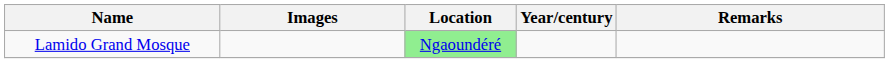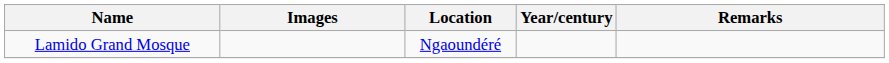 <table class=wikitable style="text-align:center">
 <tr>
 <th align=left width=200px>Name</th>
 <th align=center width=170px class=unsortable>Images</th>
 <th align=left width=100px>Location</th>
 <th align=left width=050px>Year/century</th>
 <th align=left width=250px class=unsortable>Remarks</th>
 </tr>
 <tr>
 <td><a href='#'>Lamido Grand Mosque</a></td>
 <td></td>
-<td style="background: lightgreen;"><a href='#'>Ngaoundéré</a></td>
+<td><a href='#'>Ngaoundéré</a></td>
 <td></td>
 <td></td>
 </tr>
 <tr>
 </tr>
 </table>
